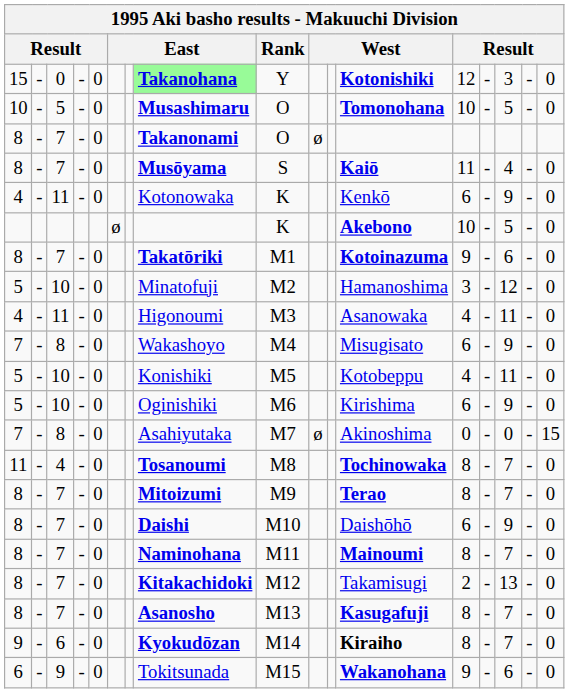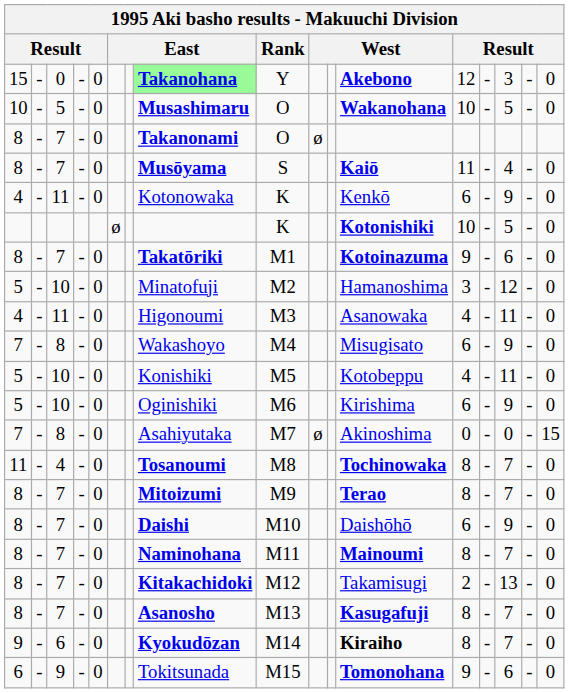 <table class="wikitable">
 <tr>
 <th colspan="17">1995 Aki basho results - Makuuchi Division</th>
 </tr>
 <tr>
 <th colspan="5">Result</th>
 <th colspan="3">East</th>
 <th>Rank</th>
 <th colspan="3">West</th>
 <th colspan="5">Result</th>
 </tr>
 <tr>
 <td align=center>15</td>
 <td align=center>-</td>
 <td align=center>0</td>
 <td align=center>-</td>
 <td align=center>0</td>
 <td align=center></td>
 <td align=center></td>
 <td style="background: PaleGreen;"><strong><a href='#'>Takanohana</a></strong></td>
 <td align=center>Y</td>
 <td align=center></td>
 <td align=center></td>
-<td><strong><a href='#'>Kotonishiki</a></strong></td>
+<td><strong><a href='#'>Akebono</a></strong></td>
 <td align=center>12</td>
 <td align=center>-</td>
 <td align=center>3</td>
 <td align=center>-</td>
 <td align=center>0</td>
 </tr>
 <tr>
 <td align=center>10</td>
 <td align=center>-</td>
 <td align=center>5</td>
 <td align=center>-</td>
 <td align=center>0</td>
 <td align=center></td>
 <td align=center></td>
 <td><strong><a href='#'>Musashimaru</a></strong></td>
 <td align=center>O</td>
 <td align=center></td>
 <td align=center></td>
-<td><strong><a href='#'>Tomonohana</a></strong></td>
+<td><strong><a href='#'>Wakanohana</a></strong></td>
 <td align=center>10</td>
 <td align=center>-</td>
 <td align=center>5</td>
 <td align=center>-</td>
 <td align=center>0</td>
 </tr>
 <tr>
 <td align=center>8</td>
 <td align=center>-</td>
 <td align=center>7</td>
 <td align=center>-</td>
 <td align=center>0</td>
 <td align=center></td>
 <td align=center></td>
 <td><strong><a href='#'>Takanonami</a></strong></td>
 <td align=center>O</td>
 <td align=center>ø</td>
 <td align=center></td>
 <td></td>
 <td align=center></td>
 <td align=center></td>
 <td align=center></td>
 <td align=center></td>
 <td align=center></td>
 </tr>
 <tr>
 <td align=center>8</td>
 <td align=center>-</td>
 <td align=center>7</td>
 <td align=center>-</td>
 <td align=center>0</td>
 <td align=center></td>
 <td align=center></td>
 <td><strong><a href='#'>Musōyama</a></strong></td>
 <td align=center>S</td>
 <td align=center></td>
 <td align=center></td>
 <td><strong><a href='#'>Kaiō</a></strong></td>
 <td align=center>11</td>
 <td align=center>-</td>
 <td align=center>4</td>
 <td align=center>-</td>
 <td align=center>0</td>
 </tr>
 <tr>
 <td align=center>4</td>
 <td align=center>-</td>
 <td align=center>11</td>
 <td align=center>-</td>
 <td align=center>0</td>
 <td align=center></td>
 <td align=center></td>
 <td><a href='#'>Kotonowaka</a></td>
 <td align=center>K</td>
 <td align=center></td>
 <td align=center></td>
 <td><a href='#'>Kenkō</a></td>
 <td align=center>6</td>
 <td align=center>-</td>
 <td align=center>9</td>
 <td align=center>-</td>
 <td align=center>0</td>
 </tr>
 <tr>
 <td align=center></td>
 <td align=center></td>
 <td align=center></td>
 <td align=center></td>
 <td align=center></td>
 <td align=center>ø</td>
 <td align=center></td>
 <td></td>
 <td align=center>K</td>
 <td align=center></td>
 <td align=center></td>
-<td><strong><a href='#'>Akebono</a></strong></td>
+<td><strong><a href='#'>Kotonishiki</a></strong></td>
 <td align=center>10</td>
 <td align=center>-</td>
 <td align=center>5</td>
 <td align=center>-</td>
 <td align=center>0</td>
 </tr>
 <tr>
 <td align=center>8</td>
 <td align=center>-</td>
 <td align=center>7</td>
 <td align=center>-</td>
 <td align=center>0</td>
 <td align=center></td>
 <td align=center></td>
 <td><strong><a href='#'>Takatōriki</a></strong></td>
 <td align=center>M1</td>
 <td align=center></td>
 <td align=center></td>
 <td><strong><a href='#'>Kotoinazuma</a></strong></td>
 <td align=center>9</td>
 <td align=center>-</td>
 <td align=center>6</td>
 <td align=center>-</td>
 <td align=center>0</td>
 </tr>
 <tr>
 <td align=center>5</td>
 <td align=center>-</td>
 <td align=center>10</td>
 <td align=center>-</td>
 <td align=center>0</td>
 <td align=center></td>
 <td align=center></td>
 <td><a href='#'>Minatofuji</a></td>
 <td align=center>M2</td>
 <td align=center></td>
 <td align=center></td>
 <td><a href='#'>Hamanoshima</a></td>
 <td align=center>3</td>
 <td align=center>-</td>
 <td align=center>12</td>
 <td align=center>-</td>
 <td align=center>0</td>
 </tr>
 <tr>
 <td align=center>4</td>
 <td align=center>-</td>
 <td align=center>11</td>
 <td align=center>-</td>
 <td align=center>0</td>
 <td align=center></td>
 <td align=center></td>
 <td><a href='#'>Higonoumi</a></td>
 <td align=center>M3</td>
 <td align=center></td>
 <td align=center></td>
 <td><a href='#'>Asanowaka</a></td>
 <td align=center>4</td>
 <td align=center>-</td>
 <td align=center>11</td>
 <td align=center>-</td>
 <td align=center>0</td>
 </tr>
 <tr>
 <td align=center>7</td>
 <td align=center>-</td>
 <td align=center>8</td>
 <td align=center>-</td>
 <td align=center>0</td>
 <td align=center></td>
 <td align=center></td>
 <td><a href='#'>Wakashoyo</a></td>
 <td align=center>M4</td>
 <td align=center></td>
 <td align=center></td>
 <td><a href='#'>Misugisato</a></td>
 <td align=center>6</td>
 <td align=center>-</td>
 <td align=center>9</td>
 <td align=center>-</td>
 <td align=center>0</td>
 </tr>
 <tr>
 <td align=center>5</td>
 <td align=center>-</td>
 <td align=center>10</td>
 <td align=center>-</td>
 <td align=center>0</td>
 <td align=center></td>
 <td align=center></td>
 <td><a href='#'>Konishiki</a></td>
 <td align=center>M5</td>
 <td align=center></td>
 <td align=center></td>
 <td><a href='#'>Kotobeppu</a></td>
 <td align=center>4</td>
 <td align=center>-</td>
 <td align=center>11</td>
 <td align=center>-</td>
 <td align=center>0</td>
 </tr>
 <tr>
 <td align=center>5</td>
 <td align=center>-</td>
 <td align=center>10</td>
 <td align=center>-</td>
 <td align=center>0</td>
 <td align=center></td>
 <td align=center></td>
 <td><a href='#'>Oginishiki</a></td>
 <td align=center>M6</td>
 <td align=center></td>
 <td align=center></td>
 <td><a href='#'>Kirishima</a></td>
 <td align=center>6</td>
 <td align=center>-</td>
 <td align=center>9</td>
 <td align=center>-</td>
 <td align=center>0</td>
 </tr>
 <tr>
 <td align=center>7</td>
 <td align=center>-</td>
 <td align=center>8</td>
 <td align=center>-</td>
 <td align=center>0</td>
 <td align=center></td>
 <td align=center></td>
 <td><a href='#'>Asahiyutaka</a></td>
 <td align=center>M7</td>
 <td align=center>ø</td>
 <td align=center></td>
 <td><a href='#'>Akinoshima</a></td>
 <td align=center>0</td>
 <td align=center>-</td>
 <td align=center>0</td>
 <td align=center>-</td>
 <td align=center>15</td>
 </tr>
 <tr>
 <td align=center>11</td>
 <td align=center>-</td>
 <td align=center>4</td>
 <td align=center>-</td>
 <td align=center>0</td>
 <td align=center></td>
 <td align=center></td>
 <td><strong><a href='#'>Tosanoumi</a></strong></td>
 <td align=center>M8</td>
 <td align=center></td>
 <td align=center></td>
 <td><strong><a href='#'>Tochinowaka</a></strong></td>
 <td align=center>8</td>
 <td align=center>-</td>
 <td align=center>7</td>
 <td align=center>-</td>
 <td align=center>0</td>
 </tr>
 <tr>
 <td align=center>8</td>
 <td align=center>-</td>
 <td align=center>7</td>
 <td align=center>-</td>
 <td align=center>0</td>
 <td align=center></td>
 <td align=center></td>
 <td><strong><a href='#'>Mitoizumi</a></strong></td>
 <td align=center>M9</td>
 <td align=center></td>
 <td align=center></td>
 <td><strong><a href='#'>Terao</a></strong></td>
 <td align=center>8</td>
 <td align=center>-</td>
 <td align=center>7</td>
 <td align=center>-</td>
 <td align=center>0</td>
 </tr>
 <tr>
 <td align=center>8</td>
 <td align=center>-</td>
 <td align=center>7</td>
 <td align=center>-</td>
 <td align=center>0</td>
 <td align=center></td>
 <td align=center></td>
 <td><strong><a href='#'>Daishi</a></strong></td>
 <td align=center>M10</td>
 <td align=center></td>
 <td align=center></td>
 <td><a href='#'>Daishōhō</a></td>
 <td align=center>6</td>
 <td align=center>-</td>
 <td align=center>9</td>
 <td align=center>-</td>
 <td align=center>0</td>
 </tr>
 <tr>
 <td align=center>8</td>
 <td align=center>-</td>
 <td align=center>7</td>
 <td align=center>-</td>
 <td align=center>0</td>
 <td align=center></td>
 <td align=center></td>
 <td><strong><a href='#'>Naminohana</a></strong></td>
 <td align=center>M11</td>
 <td align=center></td>
 <td align=center></td>
 <td><strong><a href='#'>Mainoumi</a></strong></td>
 <td align=center>8</td>
 <td align=center>-</td>
 <td align=center>7</td>
 <td align=center>-</td>
 <td align=center>0</td>
 </tr>
 <tr>
 <td align=center>8</td>
 <td align=center>-</td>
 <td align=center>7</td>
 <td align=center>-</td>
 <td align=center>0</td>
 <td align=center></td>
 <td align=center></td>
 <td><strong><a href='#'>Kitakachidoki</a></strong></td>
 <td align=center>M12</td>
 <td align=center></td>
 <td align=center></td>
 <td><a href='#'>Takamisugi</a></td>
 <td align=center>2</td>
 <td align=center>-</td>
 <td align=center>13</td>
 <td align=center>-</td>
 <td align=center>0</td>
 </tr>
 <tr>
 <td align=center>8</td>
 <td align=center>-</td>
 <td align=center>7</td>
 <td align=center>-</td>
 <td align=center>0</td>
 <td align=center></td>
 <td align=center></td>
 <td><strong><a href='#'>Asanosho</a></strong></td>
 <td align=center>M13</td>
 <td align=center></td>
 <td align=center></td>
 <td><strong><a href='#'>Kasugafuji</a></strong></td>
 <td align=center>8</td>
 <td align=center>-</td>
 <td align=center>7</td>
 <td align=center>-</td>
 <td align=center>0</td>
 </tr>
 <tr>
 <td align=center>9</td>
 <td align=center>-</td>
 <td align=center>6</td>
 <td align=center>-</td>
 <td align=center>0</td>
 <td align=center></td>
 <td align=center></td>
 <td><strong><a href='#'>Kyokudōzan</a></strong></td>
 <td align=center>M14</td>
 <td align=center></td>
 <td align=center></td>
 <td><strong>Kiraiho</strong></td>
 <td align=center>8</td>
 <td align=center>-</td>
 <td align=center>7</td>
 <td align=center>-</td>
 <td align=center>0</td>
 </tr>
 <tr>
 <td align=center>6</td>
 <td align=center>-</td>
 <td align=center>9</td>
 <td align=center>-</td>
 <td align=center>0</td>
 <td align=center></td>
 <td align=center></td>
 <td><a href='#'>Tokitsunada</a></td>
 <td align=center>M15</td>
 <td align=center></td>
 <td align=center></td>
-<td><strong><a href='#'>Wakanohana</a></strong></td>
+<td><strong><a href='#'>Tomonohana</a></strong></td>
 <td align=center>9</td>
 <td align=center>-</td>
 <td align=center>6</td>
 <td align=center>-</td>
 <td align=center>0</td>
 </tr>
 </table>
